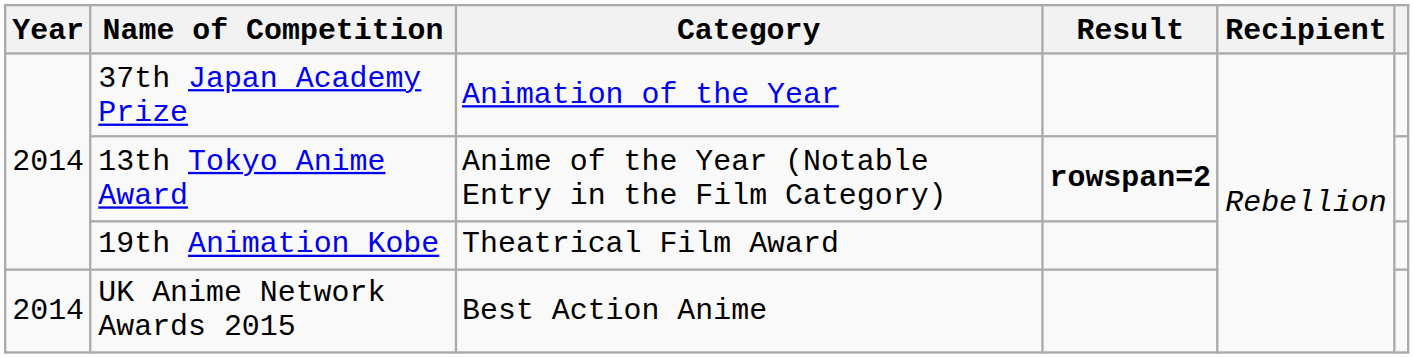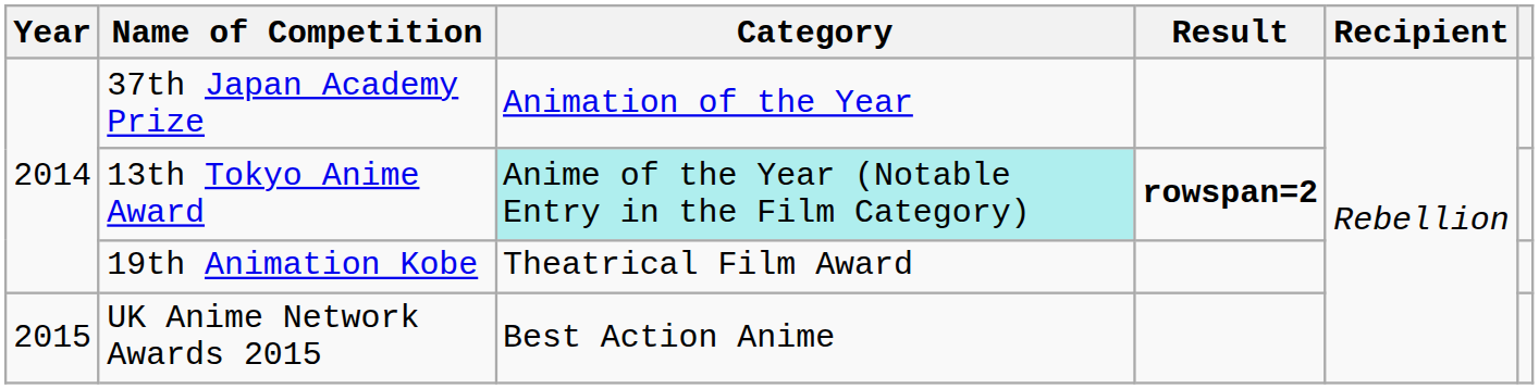 <table class="wikitable">
 <tr>
 <th>Year</th>
 <th>Name of Competition</th>
 <th>Category</th>
 <th>Result</th>
 <th>Recipient</th>
 <th></th>
 </tr>
 <tr>
 <td rowspan=3>2014</td>
 <td>37th <a href='#'>Japan Academy Prize</a></td>
 <td><a href='#'>Animation of the Year</a></td>
 <td></td>
 <td rowspan=4><em>Rebellion</em></td>
 <td style="text-align:center;"></td>
 </tr>
 <tr>
 <td>13th <a href='#'>Tokyo Anime Award</a></td>
-<td>Anime of the Year (Notable Entry in the Film Category)</td>
+<td style="background: paleturquoise;">Anime of the Year (Notable Entry in the Film Category)</td>
 <td><strong>rowspan=2 </strong></td>
 <td style="text-align:center;"></td>
 </tr>
 <tr>
 <td>19th <a href='#'>Animation Kobe</a></td>
 <td>Theatrical Film Award</td>
 <td style="text-align:center;"></td>
 </tr>
 <tr>
-<td>2014</td>
+<td>2015</td>
 <td>UK Anime Network Awards 2015</td>
 <td>Best Action Anime</td>
 <td></td>
 <td style="text-align:center;"></td>
 </tr>
 </table>
